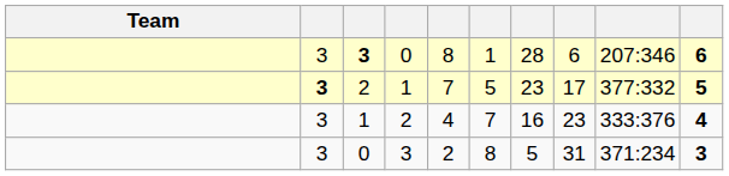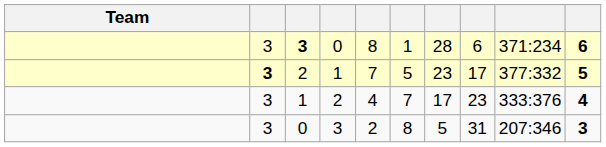 <table class="wikitable" style="text-align:center;">
 <tr>
 <th width=220>Team</th>
 <th width=25></th>
 <th width=25></th>
 <th width=25></th>
 <th width=25></th>
 <th width=25></th>
 <th width=25></th>
 <th width=25></th>
 <th width=25></th>
 <th width=25></th>
 </tr>
 <tr style="background:#ffffcc;">
 <td style="text-align:left;"></td>
 <td>3</td>
 <td><strong>3</strong></td>
 <td>0</td>
 <td>8</td>
 <td>1</td>
 <td>28</td>
 <td>6</td>
-<td>207:346</td>
+<td>371:234</td>
 <td><strong>6</strong></td>
 </tr>
 <tr style="background:#ffffcc;">
 <td style="text-align:left;"></td>
 <td><strong>3</strong></td>
 <td>2</td>
 <td>1</td>
 <td>7</td>
 <td>5</td>
 <td>23</td>
 <td>17</td>
 <td>377:332</td>
 <td><strong>5</strong></td>
 </tr>
 <tr>
 <td style="text-align:left;"></td>
 <td>3</td>
 <td>1</td>
 <td>2</td>
 <td>4</td>
 <td>7</td>
-<td>16</td>
+<td>17</td>
 <td>23</td>
 <td>333:376</td>
 <td><strong>4</strong></td>
 </tr>
 <tr>
 <td style="text-align:left;"></td>
 <td>3</td>
 <td>0</td>
 <td>3</td>
 <td>2</td>
 <td>8</td>
 <td>5</td>
 <td>31</td>
-<td>371:234</td>
+<td>207:346</td>
 <td><strong>3</strong></td>
 </tr>
 </table>
